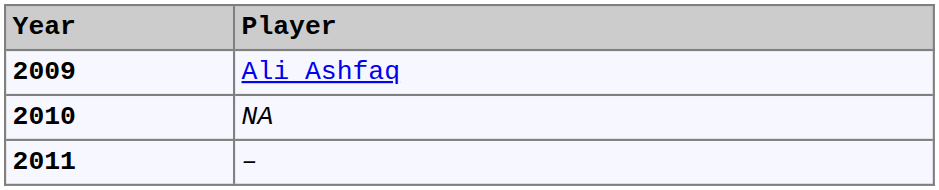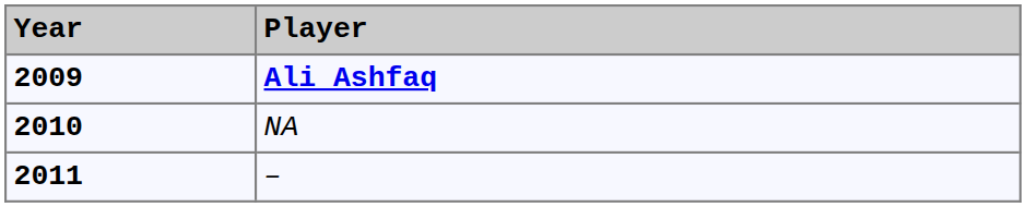 <table bgcolor="#f7f8ff" cellpadding="3" cellspacing="0" border="1" style="font-size: 95%; border: gray solid 1px; border-collapse: collapse;">
 <tr bgcolor="#CCCCCC">
 <td width="100"><strong>Year</strong></td>
 <td width="320"><strong>Player</strong></td>
 </tr>
 <tr>
 <td><strong>2009</strong></td>
-<td> <a href='#'>Ali Ashfaq</a></td>
+<td><strong> <a href='#'>Ali Ashfaq</a></strong></td>
 </tr>
 <tr>
 <td><strong>2010</strong></td>
 <td><em>NA</em></td>
 </tr>
 <tr>
 <td><strong>2011</strong></td>
 <td><em>–</em></td>
 </tr>
 </table>
